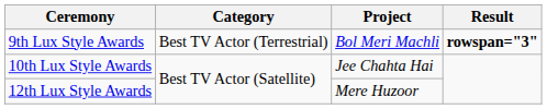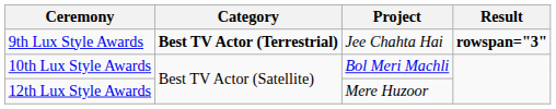 <table class="wikitable style">
 <tr>
 <th>Ceremony</th>
 <th>Category</th>
 <th>Project</th>
 <th>Result</th>
 </tr>
 <tr>
 <td><a href='#'>9th Lux Style Awards</a></td>
-<td>Best TV Actor (Terrestrial)</td>
-<td><em><a href='#'>Bol Meri Machli</a></em></td>
+<td><strong>Best TV Actor (Terrestrial)</strong></td>
+<td><em>Jee Chahta Hai</em></td>
 <td><strong>rowspan="3" </strong></td>
 </tr>
 <tr>
 <td><a href='#'>10th Lux Style Awards</a></td>
 <td rowspan="2">Best TV Actor (Satellite)</td>
-<td><em>Jee Chahta Hai</em></td>
+<td><em><a href='#'>Bol Meri Machli</a></em></td>
 </tr>
 <tr>
 <td><a href='#'>12th Lux Style Awards</a></td>
 <td><em>Mere Huzoor</em></td>
 </tr>
 </table>
